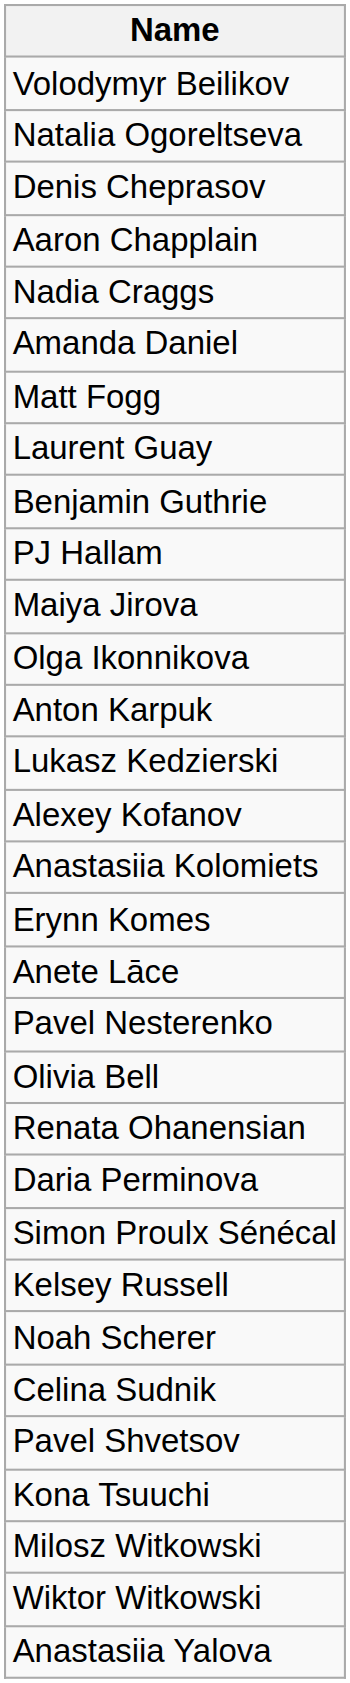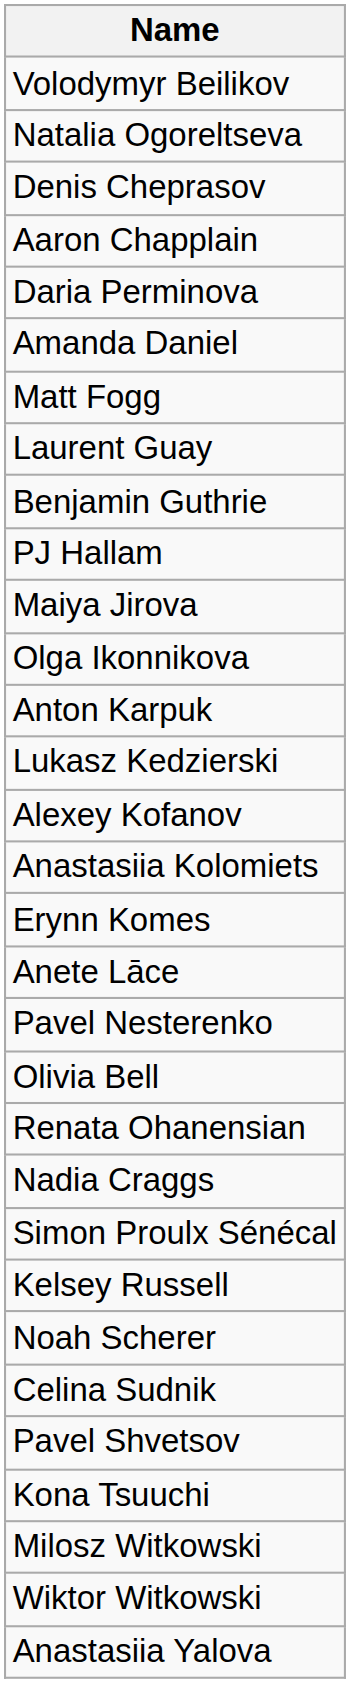 <table class="wikitable">
 <tr>
 <th>Name</th>
 </tr>
 <tr>
 <td>Volodymyr Beilikov</td>
 </tr>
 <tr>
 <td>Natalia Ogoreltseva</td>
 </tr>
 <tr>
 <td>Denis Cheprasov</td>
 </tr>
 <tr>
 <td>Aaron Chapplain</td>
 </tr>
 <tr>
-<td>Nadia Craggs</td>
+<td>Daria Perminova</td>
 </tr>
 <tr>
 <td>Amanda Daniel</td>
 </tr>
 <tr>
 <td>Matt Fogg</td>
 </tr>
 <tr>
 <td>Laurent Guay</td>
 </tr>
 <tr>
 <td>Benjamin Guthrie</td>
 </tr>
 <tr>
 <td>PJ Hallam</td>
 </tr>
 <tr>
 <td>Maiya Jirova</td>
 </tr>
 <tr>
 <td>Olga Ikonnikova</td>
 </tr>
 <tr>
 <td>Anton Karpuk</td>
 </tr>
 <tr>
 <td>Lukasz Kedzierski</td>
 </tr>
 <tr>
 <td>Alexey Kofanov</td>
 </tr>
 <tr>
 <td>Anastasiia Kolomiets</td>
 </tr>
 <tr>
 <td>Erynn Komes</td>
 </tr>
 <tr>
 <td>Anete Lāce</td>
 </tr>
 <tr>
 <td>Pavel Nesterenko</td>
 </tr>
 <tr>
 <td>Olivia Bell</td>
 </tr>
 <tr>
 <td>Renata Ohanensian</td>
 </tr>
 <tr>
-<td>Daria Perminova</td>
+<td>Nadia Craggs</td>
 </tr>
 <tr>
 <td>Simon Proulx Sénécal</td>
 </tr>
 <tr>
 <td>Kelsey Russell</td>
 </tr>
 <tr>
 <td>Noah Scherer</td>
 </tr>
 <tr>
 <td>Celina Sudnik</td>
 </tr>
 <tr>
 <td>Pavel Shvetsov</td>
 </tr>
 <tr>
 <td>Kona Tsuuchi</td>
 </tr>
 <tr>
 <td>Milosz Witkowski</td>
 </tr>
 <tr>
 <td>Wiktor Witkowski</td>
 </tr>
 <tr>
 <td>Anastasiia Yalova</td>
 </tr>
 </table>
